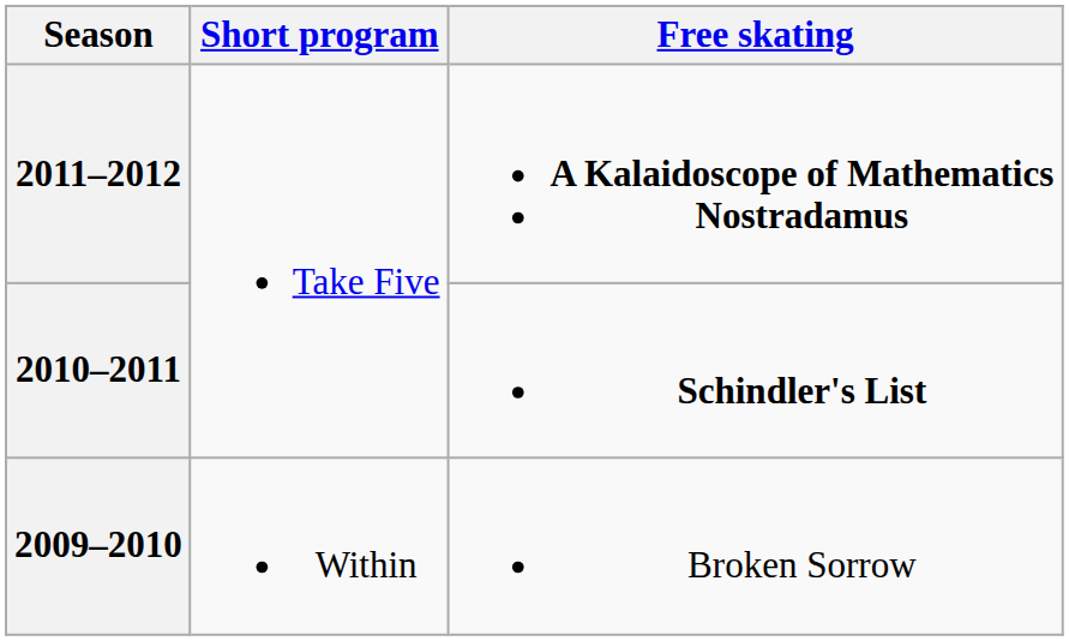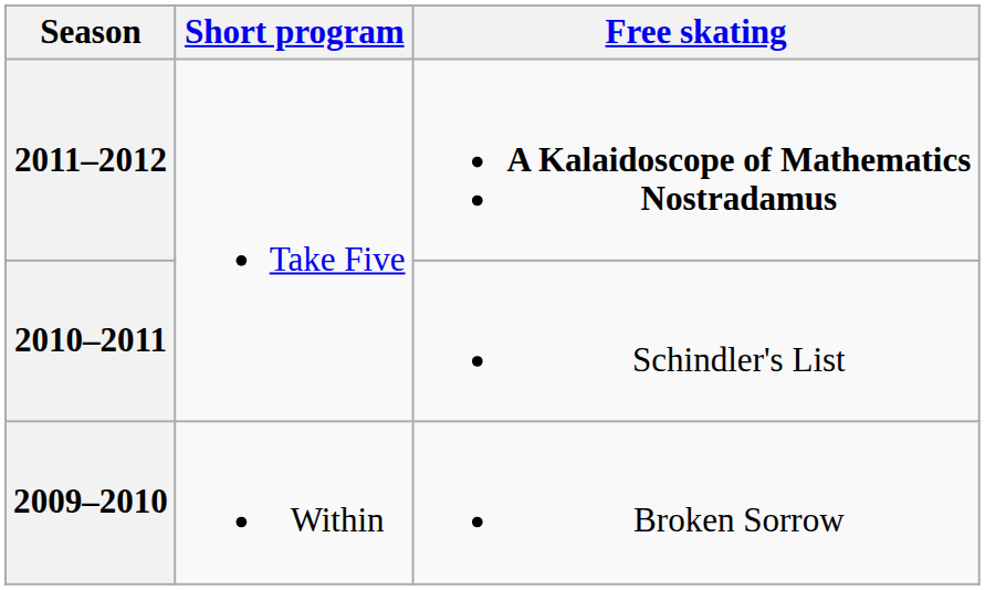 <table class=wikitable style=text-align:center>
 <tr>
 <th>Season</th>
 <th><a href='#'>Short program</a></th>
 <th><a href='#'>Free skating</a></th>
 </tr>
 <tr>
 <th>2011–2012 <br> </th>
 <td rowspan=2><br><ul><li><a href='#'>Take Five</a> <br></li></ul></td>
 <td><strong><br><ul><li>A Kalaidoscope of Mathematics <br></li><li>Nostradamus <br></li></ul></strong></td>
 </tr>
 <tr>
 <th>2010–2011 <br> </th>
-<td><strong><br><ul><li>Schindler's List <br></li></ul></strong></td>
+<td><br><ul><li>Schindler's List <br></li></ul></td>
 </tr>
 <tr>
 <th>2009–2010 <br> </th>
 <td><br><ul><li>Within <br></li></ul></td>
 <td><br><ul><li>Broken Sorrow <br></li></ul></td>
 </tr>
 </table>
